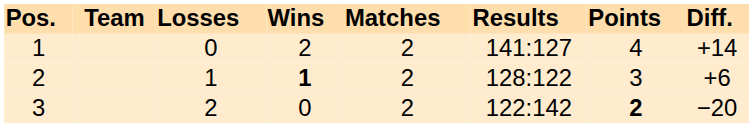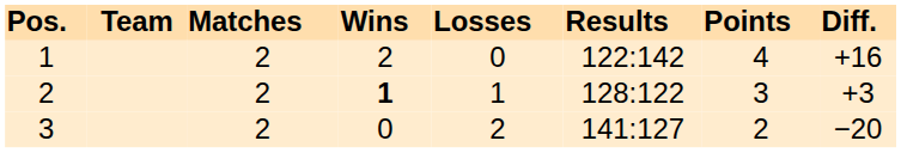 <table style="text-align:left" border="0" cellspacing="0" align="right" width="500px">
 <tr bgcolor="#FFDEAD">
 <th>Pos.</th>
 <th align="center">Team</th>
+<th>Matches</th>
+<th>Wins</th>
 <th>Losses</th>
-<th>Wins</th>
-<th>Matches</th>
 <th>Results</th>
 <th>Points</th>
 <th>Diff.</th>
 </tr>
 <tr bgcolor="#FFECCE" align="center">
 <td>1</td>
 <td align="left"></td>
-<td>0</td>
 <td>2</td>
 <td>2</td>
-<td>141:127</td>
+<td>0</td>
+<td>122:142</td>
 <td>4</td>
-<td>+14</td>
+<td>+16</td>
 </tr>
 <tr bgcolor="#FFECCE" align="center">
 <td>2</td>
 <td align="left"></td>
+<td>2</td>
+<td><strong>1</strong></td>
 <td>1</td>
-<td><strong>1</strong></td>
-<td>2</td>
 <td>128:122</td>
 <td>3</td>
-<td>+6</td>
+<td>+3</td>
 </tr>
 <tr bgcolor="#FFECCE" align="center">
 <td>3</td>
 <td align="left"></td>
 <td>2</td>
 <td>0</td>
 <td>2</td>
-<td>122:142</td>
-<td><strong>2</strong></td>
+<td>141:127</td>
+<td>2</td>
 <td>−20</td>
 </tr>
 </table>
